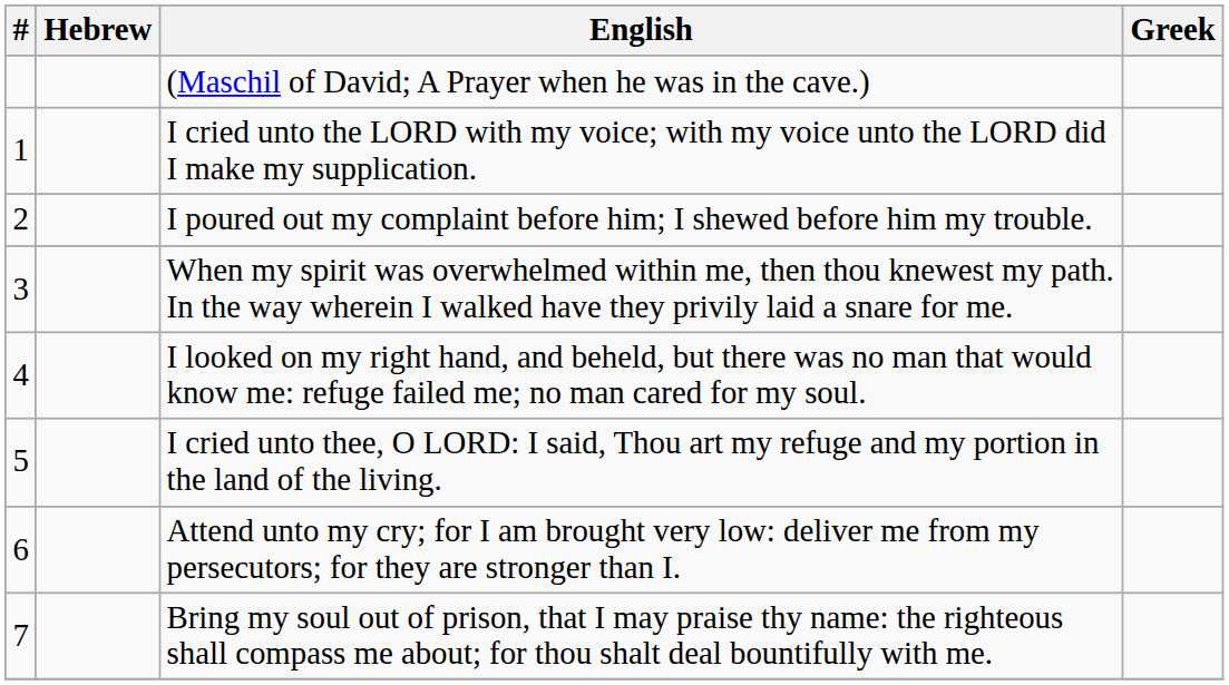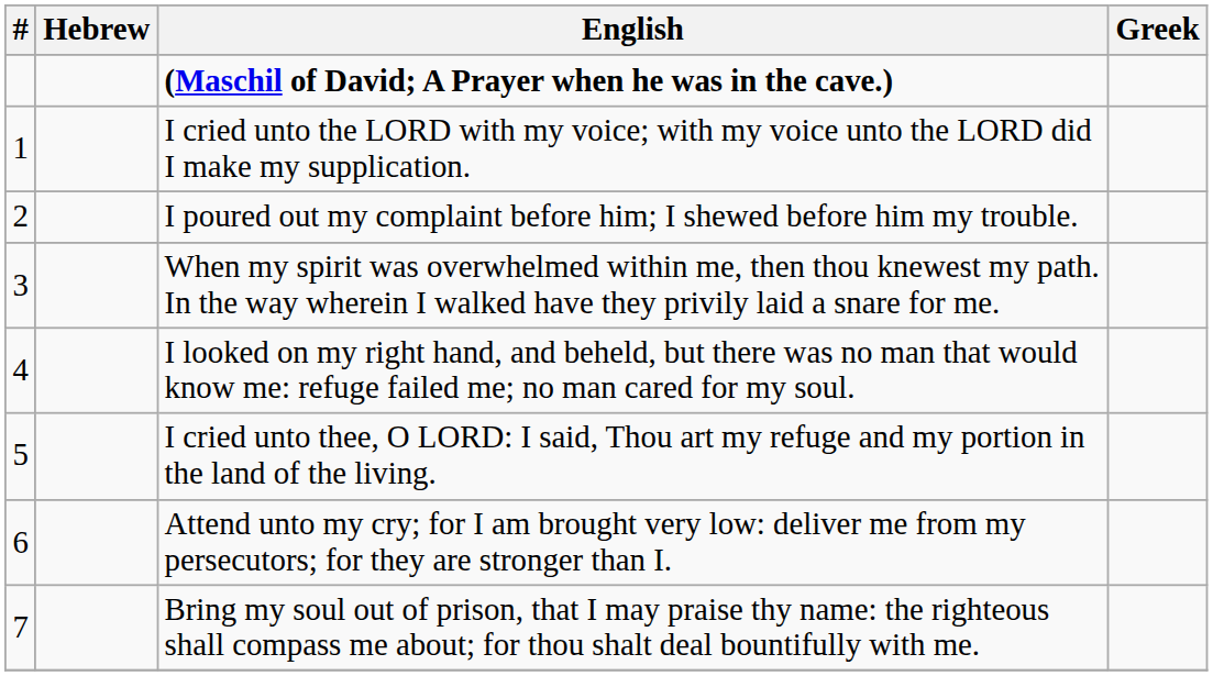 <table class=wikitable>
 <tr>
 <th>#</th>
 <th>Hebrew</th>
 <th>English</th>
 <th>Greek</th>
 </tr>
 <tr>
 <td style="text-align:right"></td>
 <td style="text-align:right"></td>
-<td>(<a href='#'>Maschil</a> of David; A Prayer when he was in the cave.)</td>
+<td><strong>(<a href='#'>Maschil</a> of David; A Prayer when he was in the cave.)</strong></td>
 <td></td>
 </tr>
 <tr>
 <td style="text-align:right">1</td>
 <td style="text-align:right"></td>
 <td>I cried unto the LORD with my voice; with my voice unto the LORD did I make my supplication.</td>
 <td></td>
 </tr>
 <tr>
 <td style="text-align:right">2</td>
 <td style="text-align:right"></td>
 <td>I poured out my complaint before him; I shewed before him my trouble.</td>
 <td></td>
 </tr>
 <tr>
 <td style="text-align:right">3</td>
 <td style="text-align:right"></td>
 <td>When my spirit was overwhelmed within me, then thou knewest my path. In the way wherein I walked have they privily laid a snare for me.</td>
 <td></td>
 </tr>
 <tr>
 <td style="text-align:right">4</td>
 <td style="text-align:right"></td>
 <td>I looked on my right hand, and beheld, but there was no man that would know me: refuge failed me; no man cared for my soul.</td>
 <td></td>
 </tr>
 <tr>
 <td style="text-align:right">5</td>
 <td style="text-align:right"></td>
 <td>I cried unto thee, O LORD: I said, Thou art my refuge and my portion in the land of the living.</td>
 <td></td>
 </tr>
 <tr>
 <td style="text-align:right">6</td>
 <td style="text-align:right"></td>
 <td>Attend unto my cry; for I am brought very low: deliver me from my persecutors; for they are stronger than I.</td>
 <td></td>
 </tr>
 <tr>
 <td style="text-align:right">7</td>
 <td style="text-align:right"></td>
 <td>Bring my soul out of prison, that I may praise thy name: the righteous shall compass me about; for thou shalt deal bountifully with me.</td>
 <td></td>
 </tr>
 <tr>
 </tr>
 </table>
